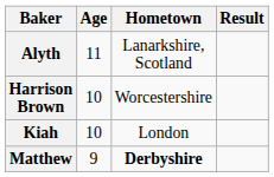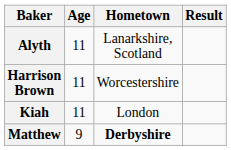 <table class="wikitable sortable" style="display:inline-table; text-align:center">
 <tr>
 <th scope="col">Baker</th>
 <th scope="col">Age</th>
 <th scope="col">Hometown</th>
 <th scope="col">Result</th>
 </tr>
 <tr>
 <th scope="row">Alyth</th>
 <td>11</td>
 <td>Lanarkshire,<br>Scotland</td>
 <td></td>
 </tr>
 <tr>
 <th scope="row">Harrison<br>Brown</th>
-<td>10</td>
+<td>11</td>
 <td>Worcestershire</td>
 <td></td>
 </tr>
 <tr>
 <th scope="row">Kiah</th>
-<td>10</td>
+<td>11</td>
 <td>London</td>
 <td></td>
 </tr>
 <tr>
 <th scope="row">Matthew</th>
 <td>9</td>
 <td><strong>Derbyshire</strong></td>
 <td></td>
 </tr>
 </table>
